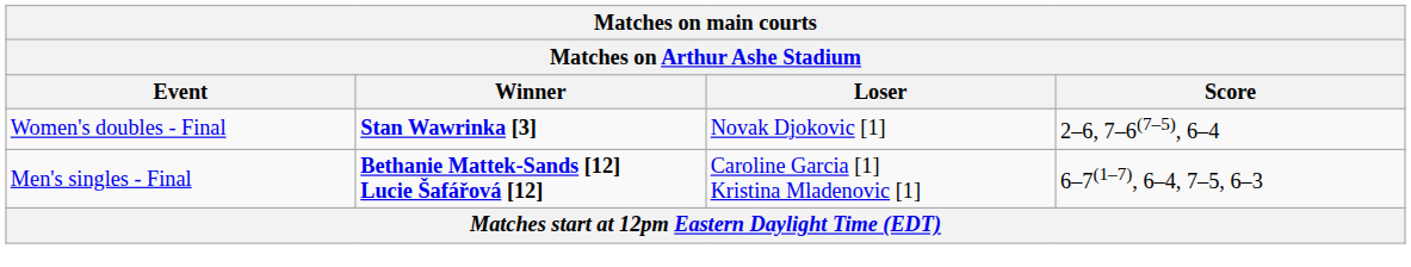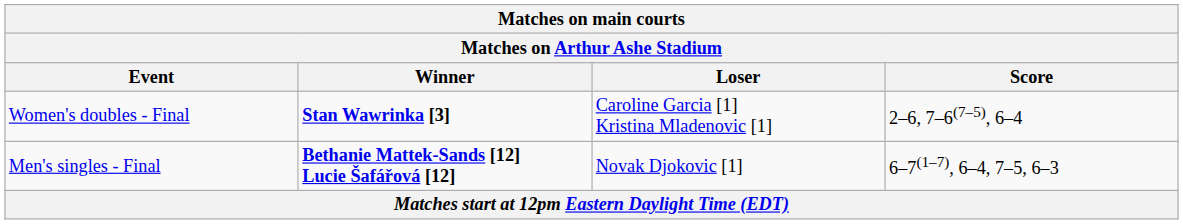 <table class="wikitable" style="margin:auto;">
 <tr>
 <th colspan="4" style="white-space:nowrap;">Matches on main courts</th>
 </tr>
 <tr>
 <th colspan="4"><strong>Matches on <a href='#'>Arthur Ashe Stadium</a></strong></th>
 </tr>
 <tr>
 <th width=250>Event</th>
 <th width=250>Winner</th>
 <th width=250>Loser</th>
 <th width=250>Score</th>
 </tr>
 <tr>
 <td><a href='#'>Women's doubles - Final</a></td>
 <td><strong> <a href='#'>Stan Wawrinka</a> [3]</strong></td>
-<td> <a href='#'>Novak Djokovic</a> [1]</td>
+<td> <a href='#'>Caroline Garcia</a> [1]<br> <a href='#'>Kristina Mladenovic</a> [1]</td>
 <td>2–6, 7–6<sup>(7–5)</sup>, 6–4</td>
 </tr>
 <tr>
 <td><a href='#'>Men's singles - Final</a></td>
 <td><strong> <a href='#'>Bethanie Mattek-Sands</a> [12]</strong><br> <strong> <a href='#'>Lucie Šafářová</a> [12]</strong></td>
-<td> <a href='#'>Caroline Garcia</a> [1]<br> <a href='#'>Kristina Mladenovic</a> [1]</td>
+<td> <a href='#'>Novak Djokovic</a> [1]</td>
 <td>6–7<sup>(1–7)</sup>, 6–4, 7–5, 6–3</td>
 </tr>
 <tr>
 <th colspan=4><em>Matches start at 12pm <a href='#'>Eastern Daylight Time (EDT)</a></em></th>
 </tr>
 </table>
